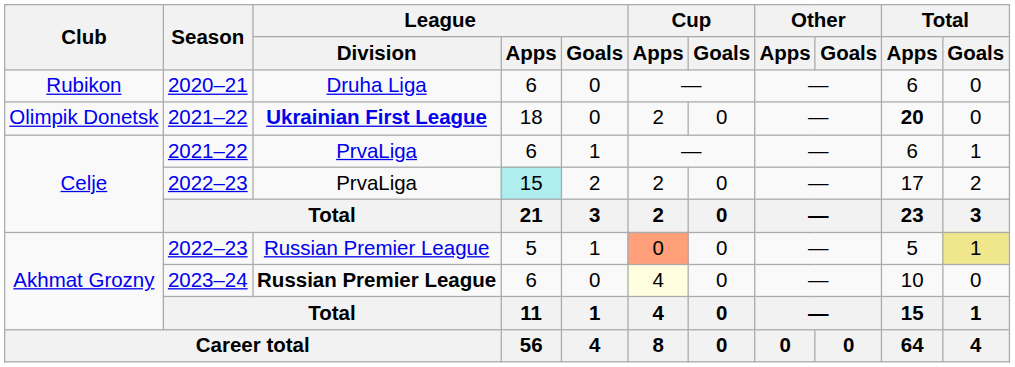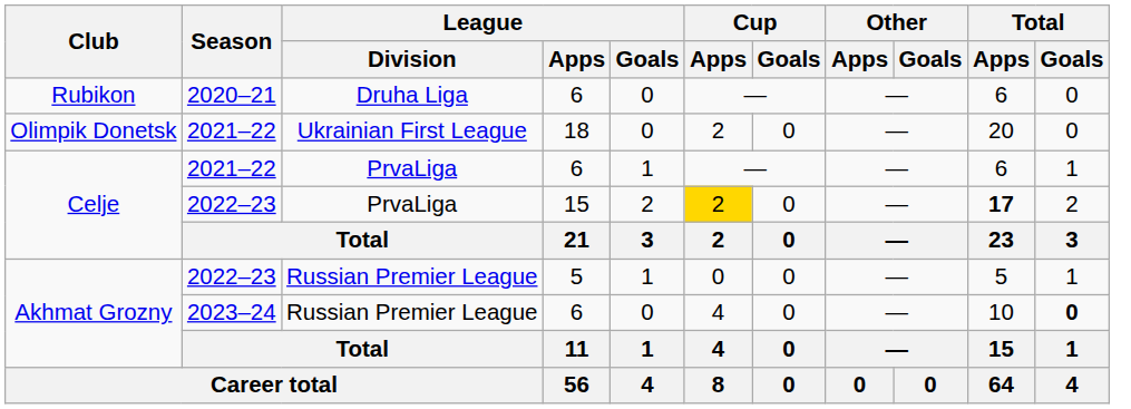 <table class="wikitable" style="text-align: center;">
 <tr>
 <th rowspan=2>Club</th>
 <th rowspan=2>Season</th>
 <th colspan=3>League</th>
 <th colspan=2>Cup</th>
 <th colspan=2>Other</th>
 <th colspan=2>Total</th>
 </tr>
 <tr>
 <th>Division</th>
 <th>Apps</th>
 <th>Goals</th>
 <th>Apps</th>
 <th>Goals</th>
 <th>Apps</th>
 <th>Goals</th>
 <th>Apps</th>
 <th>Goals</th>
 </tr>
 <tr>
 <td><a href='#'>Rubikon</a></td>
 <td><a href='#'>2020–21</a></td>
 <td><a href='#'>Druha Liga</a></td>
 <td>6</td>
 <td>0</td>
 <td colspan="2">—</td>
 <td colspan="2">—</td>
 <td>6</td>
 <td>0</td>
 </tr>
 <tr>
 <td><a href='#'>Olimpik Donetsk</a></td>
 <td><a href='#'>2021–22</a></td>
-<td><strong><a href='#'>Ukrainian First League</a></strong></td>
+<td><a href='#'>Ukrainian First League</a></td>
 <td>18</td>
 <td>0</td>
 <td>2</td>
 <td>0</td>
 <td colspan="2">—</td>
-<td><strong>20</strong></td>
+<td>20</td>
 <td>0</td>
 </tr>
 <tr>
 <td rowspan="3"><a href='#'>Celje</a></td>
 <td><a href='#'>2021–22</a></td>
 <td><a href='#'>PrvaLiga</a></td>
 <td>6</td>
 <td>1</td>
 <td colspan="2">—</td>
 <td colspan="2">—</td>
 <td>6</td>
 <td>1</td>
 </tr>
 <tr>
 <td><a href='#'>2022–23</a></td>
 <td>PrvaLiga</td>
-<td style="background: paleturquoise;">15</td>
+<td>15</td>
 <td>2</td>
-<td>2</td>
+<td style="background: gold;">2</td>
 <td>0</td>
 <td colspan="2">—</td>
-<td>17</td>
+<td><strong>17</strong></td>
 <td>2</td>
 </tr>
 <tr>
 <th colspan="2">Total</th>
 <th>21</th>
 <th>3</th>
 <th>2</th>
 <th>0</th>
 <th colspan="2">—</th>
 <th>23</th>
 <th>3</th>
 </tr>
 <tr>
 <td rowspan="3"><a href='#'>Akhmat Grozny</a></td>
 <td><a href='#'>2022–23</a></td>
 <td><a href='#'>Russian Premier League</a></td>
 <td>5</td>
 <td>1</td>
-<td style="background: lightsalmon;">0</td>
+<td>0</td>
 <td>0</td>
 <td colspan="2">—</td>
 <td>5</td>
-<td style="background: khaki;">1</td>
+<td>1</td>
 </tr>
 <tr>
 <td><a href='#'>2023–24</a></td>
-<td><strong>Russian Premier League</strong></td>
+<td>Russian Premier League</td>
 <td>6</td>
 <td>0</td>
-<td style="background: lightyellow;">4</td>
+<td>4</td>
 <td>0</td>
 <td colspan="2">—</td>
 <td>10</td>
-<td>0</td>
+<td><strong>0</strong></td>
 </tr>
 <tr>
 <th colspan="2">Total</th>
 <th>11</th>
 <th>1</th>
 <th>4</th>
 <th>0</th>
 <th colspan="2">—</th>
 <th>15</th>
 <th>1</th>
 </tr>
 <tr>
 <th colspan="3">Career total</th>
 <th>56</th>
 <th>4</th>
 <th>8</th>
 <th>0</th>
 <th>0</th>
 <th>0</th>
 <th>64</th>
 <th>4</th>
 </tr>
 </table>
